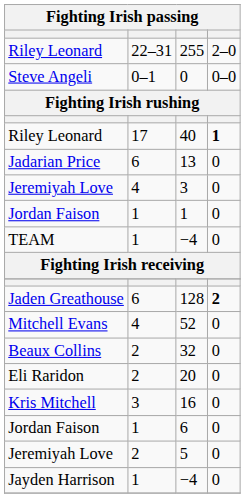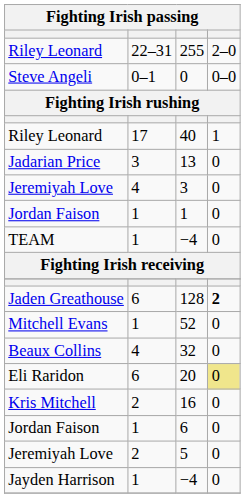 <table class="wikitable plainrowheaders">
 <tr>
 <th colspan="6">Fighting Irish passing</th>
 </tr>
 <tr>
 <th scope="col"></th>
 <th scope="col"></th>
 <th scope="col"></th>
 <th scope="col"></th>
 </tr>
 <tr>
 <td><a href='#'>Riley Leonard</a></td>
 <td>22–31</td>
 <td>255</td>
 <td>2–0</td>
 </tr>
 <tr>
 <td><a href='#'>Steve Angeli</a></td>
 <td>0–1</td>
 <td>0</td>
 <td>0–0</td>
 </tr>
 <tr>
 <th colspan="6">Fighting Irish rushing</th>
 </tr>
 <tr>
 <th scope="col"></th>
 <th scope="col"></th>
 <th scope="col"></th>
 <th scope="col"></th>
 </tr>
 <tr>
 <td>Riley Leonard</td>
 <td>17</td>
 <td>40</td>
-<td><strong>1</strong></td>
+<td>1</td>
 </tr>
 <tr>
 <td><a href='#'>Jadarian Price</a></td>
-<td>6</td>
+<td>3</td>
 <td>13</td>
 <td>0</td>
 </tr>
 <tr>
 <td><a href='#'>Jeremiyah Love</a></td>
 <td>4</td>
 <td>3</td>
 <td>0</td>
 </tr>
 <tr>
 <td><a href='#'>Jordan Faison</a></td>
 <td>1</td>
 <td>1</td>
 <td>0</td>
 </tr>
 <tr>
 <td>TEAM</td>
 <td>1</td>
 <td>−4</td>
 <td>0</td>
 </tr>
 <tr>
 <th colspan="6">Fighting Irish receiving</th>
 </tr>
 <tr>
 </tr>
 <tr>
 <th scope="col"></th>
 <th scope="col"></th>
 <th scope="col"></th>
 <th scope="col"></th>
 </tr>
 <tr>
 <td><a href='#'>Jaden Greathouse</a></td>
 <td>6</td>
 <td>128</td>
 <td><strong>2</strong></td>
 </tr>
 <tr>
 <td><a href='#'>Mitchell Evans</a></td>
-<td>4</td>
+<td>1</td>
 <td>52</td>
 <td>0</td>
 </tr>
 <tr>
 <td><a href='#'>Beaux Collins</a></td>
-<td>2</td>
+<td>4</td>
 <td>32</td>
 <td>0</td>
 </tr>
 <tr>
 <td>Eli Raridon</td>
-<td>2</td>
+<td>6</td>
 <td>20</td>
-<td>0</td>
+<td style="background: khaki;">0</td>
 </tr>
 <tr>
 <td><a href='#'>Kris Mitchell</a></td>
-<td>3</td>
+<td>2</td>
 <td>16</td>
 <td>0</td>
 </tr>
 <tr>
 <td>Jordan Faison</td>
 <td>1</td>
 <td>6</td>
 <td>0</td>
 </tr>
 <tr>
 <td>Jeremiyah Love</td>
 <td>2</td>
 <td>5</td>
 <td>0</td>
 </tr>
 <tr>
 <td>Jayden Harrison</td>
 <td>1</td>
 <td>−4</td>
 <td>0</td>
 </tr>
 <tr>
 </tr>
 </table>
